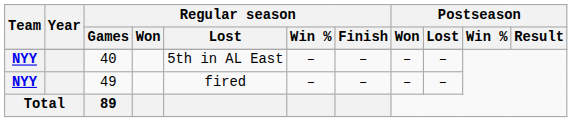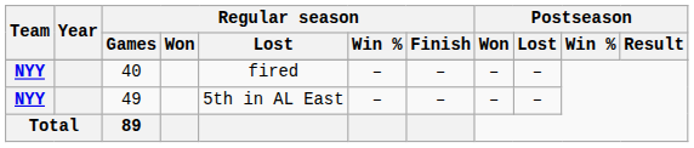 <table class="wikitable" style="font-size: 95%; text-align:center;">
 <tr>
 <th rowspan="2">Team</th>
 <th rowspan="2">Year</th>
 <th colspan="5">Regular season</th>
 <th colspan="4">Postseason</th>
 </tr>
 <tr>
 <th>Games</th>
 <th>Won</th>
 <th>Lost</th>
 <th>Win %</th>
 <th>Finish</th>
 <th>Won</th>
 <th>Lost</th>
 <th>Win %</th>
 <th>Result</th>
 </tr>
 <tr>
 </tr>
 <tr>
 <th><a href='#'>NYY</a></th>
 <th></th>
 <td>40</td>
 <td></td>
-<td>5th in AL East</td>
+<td>fired</td>
 <td>–</td>
 <td>–</td>
 <td>–</td>
 <td>–</td>
 </tr>
 <tr>
 <th><a href='#'>NYY</a></th>
 <th></th>
 <td>49</td>
 <td></td>
-<td>fired</td>
+<td>5th in AL East</td>
 <td>–</td>
 <td>–</td>
 <td>–</td>
 <td>–</td>
 </tr>
 <tr>
 <th colspan="2">Total</th>
 <th>89</th>
 <th></th>
 <th></th>
 <th></th>
 <th></th>
 </tr>
 </table>
